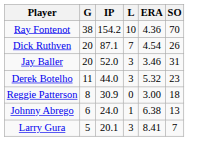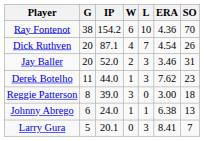 <table class="wikitable sortable" style="text-align:center">
 <tr>
 <th>Player</th>
 <th>G</th>
 <th>IP</th>
+<th>W</th>
 <th>L</th>
 <th>ERA</th>
 <th>SO</th>
 </tr>
 <tr>
 <td><a href='#'>Ray Fontenot</a></td>
 <td>38</td>
 <td>154.2</td>
+<td>6</td>
 <td>10</td>
 <td>4.36</td>
 <td>70</td>
 </tr>
 <tr>
 <td><a href='#'>Dick Ruthven</a></td>
 <td>20</td>
 <td>87.1</td>
+<td>4</td>
 <td>7</td>
 <td>4.54</td>
 <td>26</td>
 </tr>
 <tr>
 <td><a href='#'>Jay Baller</a></td>
 <td>20</td>
 <td>52.0</td>
+<td>2</td>
 <td>3</td>
 <td>3.46</td>
 <td>31</td>
 </tr>
 <tr>
 <td><a href='#'>Derek Botelho</a></td>
 <td>11</td>
 <td>44.0</td>
+<td>1</td>
 <td>3</td>
-<td>5.32</td>
+<td>7.62</td>
 <td>23</td>
 </tr>
 <tr>
 <td><a href='#'>Reggie Patterson</a></td>
 <td>8</td>
-<td>30.9</td>
+<td>39.0</td>
+<td>3</td>
 <td>0</td>
 <td>3.00</td>
 <td>18</td>
 </tr>
 <tr>
 <td><a href='#'>Johnny Abrego</a></td>
 <td>6</td>
 <td>24.0</td>
 <td>1</td>
+<td>1</td>
 <td>6.38</td>
 <td>13</td>
 </tr>
 <tr>
 <td><a href='#'>Larry Gura</a></td>
 <td>5</td>
 <td>20.1</td>
+<td>0</td>
 <td>3</td>
 <td>8.41</td>
 <td>7</td>
 </tr>
 </table>
